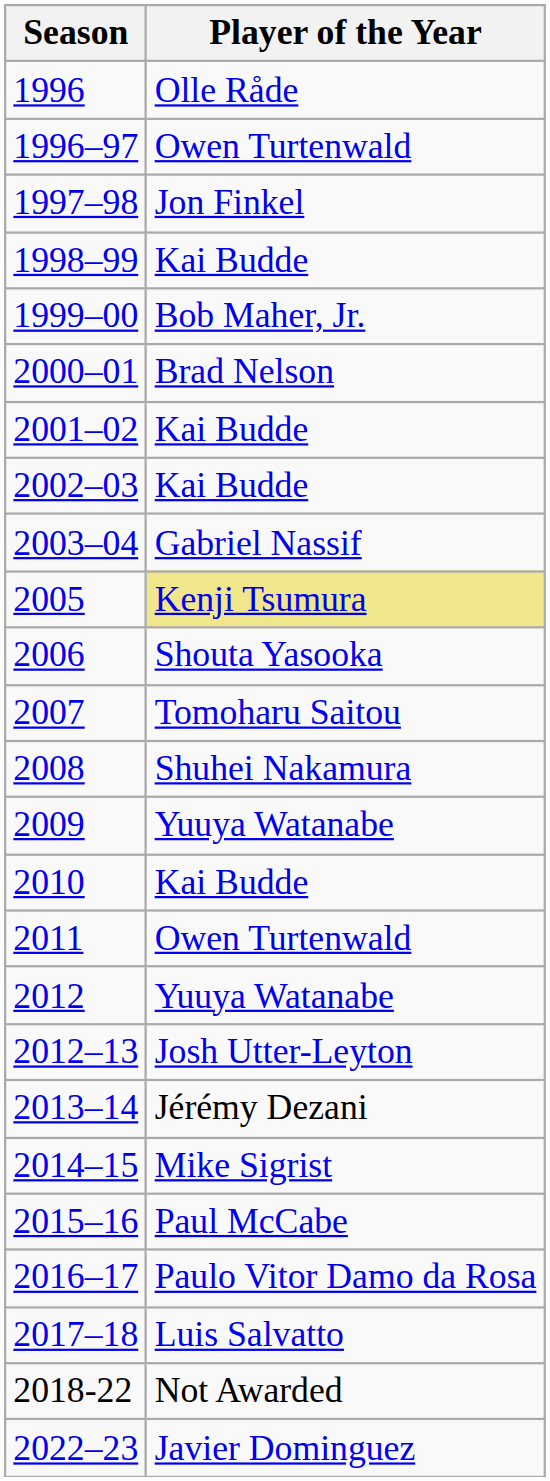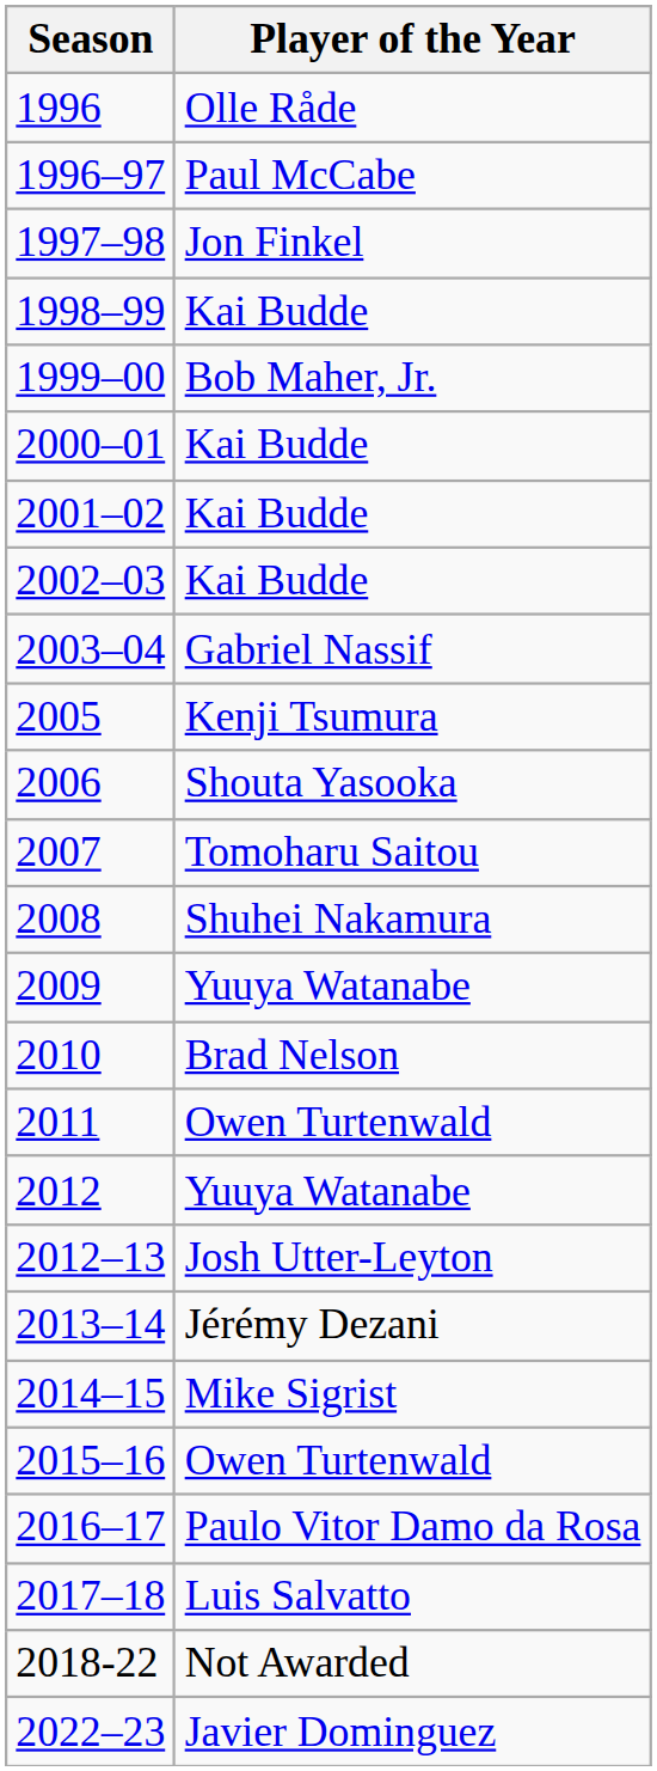 <table class="wikitable">
 <tr>
 <th>Season</th>
 <th>Player of the Year</th>
 </tr>
 <tr>
 <td><a href='#'>1996</a></td>
 <td> <a href='#'>Olle Råde</a></td>
 </tr>
 <tr>
 <td><a href='#'>1996–97</a></td>
-<td> <a href='#'>Owen Turtenwald</a></td>
+<td> <a href='#'>Paul McCabe</a></td>
 </tr>
 <tr>
 <td><a href='#'>1997–98</a></td>
 <td> <a href='#'>Jon Finkel</a></td>
 </tr>
 <tr>
 <td><a href='#'>1998–99</a></td>
 <td> <a href='#'>Kai Budde</a></td>
 </tr>
 <tr>
 <td><a href='#'>1999–00</a></td>
 <td> <a href='#'>Bob Maher, Jr.</a></td>
 </tr>
 <tr>
 <td><a href='#'>2000–01</a></td>
-<td> <a href='#'>Brad Nelson</a></td>
+<td> <a href='#'>Kai Budde</a></td>
 </tr>
 <tr>
 <td><a href='#'>2001–02</a></td>
 <td> <a href='#'>Kai Budde</a></td>
 </tr>
 <tr>
 <td><a href='#'>2002–03</a></td>
 <td> <a href='#'>Kai Budde</a></td>
 </tr>
 <tr>
 <td><a href='#'>2003–04</a></td>
 <td> <a href='#'>Gabriel Nassif</a></td>
 </tr>
 <tr>
 <td><a href='#'>2005</a></td>
-<td style="background: khaki;"> <a href='#'>Kenji Tsumura</a></td>
+<td> <a href='#'>Kenji Tsumura</a></td>
 </tr>
 <tr>
 <td><a href='#'>2006</a></td>
 <td> <a href='#'>Shouta Yasooka</a></td>
 </tr>
 <tr>
 <td><a href='#'>2007</a></td>
 <td> <a href='#'>Tomoharu Saitou</a></td>
 </tr>
 <tr>
 <td><a href='#'>2008</a></td>
 <td> <a href='#'>Shuhei Nakamura</a></td>
 </tr>
 <tr>
 <td><a href='#'>2009</a></td>
 <td> <a href='#'>Yuuya Watanabe</a></td>
 </tr>
 <tr>
 <td><a href='#'>2010</a></td>
-<td> <a href='#'>Kai Budde</a></td>
+<td> <a href='#'>Brad Nelson</a></td>
 </tr>
 <tr>
 <td><a href='#'>2011</a></td>
 <td> <a href='#'>Owen Turtenwald</a></td>
 </tr>
 <tr>
 <td><a href='#'>2012</a></td>
 <td> <a href='#'>Yuuya Watanabe</a></td>
 </tr>
 <tr>
 <td><a href='#'>2012–13</a></td>
 <td> <a href='#'>Josh Utter-Leyton</a></td>
 </tr>
 <tr>
 <td><a href='#'>2013–14</a></td>
 <td> Jérémy Dezani</td>
 </tr>
 <tr>
 <td><a href='#'>2014–15</a></td>
 <td> <a href='#'>Mike Sigrist</a></td>
 </tr>
 <tr>
 <td><a href='#'>2015–16</a></td>
-<td> <a href='#'>Paul McCabe</a></td>
+<td> <a href='#'>Owen Turtenwald</a></td>
 </tr>
 <tr>
 <td><a href='#'>2016–17</a></td>
 <td> <a href='#'>Paulo Vitor Damo da Rosa</a></td>
 </tr>
 <tr>
 <td><a href='#'>2017–18</a></td>
 <td> <a href='#'>Luis Salvatto</a></td>
 </tr>
 <tr>
 <td>2018-22</td>
 <td>Not Awarded</td>
 </tr>
 <tr>
 <td><a href='#'>2022–23</a></td>
 <td> <a href='#'>Javier Dominguez</a></td>
 </tr>
 </table>
